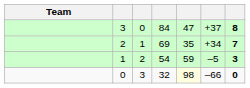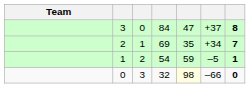 <table class="wikitable" style="text-align:center;">
 <tr>
 <th style="width:10.5em;">Team</th>
 <th style="width:1.5em;"></th>
 <th style="width:1.5em;"></th>
 <th style="width:2.0em;"></th>
 <th style="width:2.0em;"></th>
 <th style="width:2.0em;"></th>
 <th style="width:1.5em;"></th>
 </tr>
 <tr bgcolor=#cfc>
 <td align="left"></td>
 <td>3</td>
 <td>0</td>
 <td>84</td>
 <td>47</td>
 <td>+37</td>
 <td><strong>8</strong></td>
 </tr>
 <tr bgcolor=#cfc>
 <td align="left"></td>
 <td>2</td>
 <td>1</td>
 <td>69</td>
 <td>35</td>
 <td>+34</td>
 <td><strong>7</strong></td>
 </tr>
 <tr bgcolor=#cfc>
 <td align="left"></td>
 <td>1</td>
 <td>2</td>
 <td>54</td>
 <td>59</td>
 <td>–5</td>
-<td><strong>3</strong></td>
+<td><strong>1</strong></td>
 </tr>
 <tr>
 <td align="left"></td>
 <td>0</td>
 <td>3</td>
 <td>32</td>
 <td style="background: lightyellow;">98</td>
 <td>–66</td>
 <td><strong>0</strong></td>
 </tr>
 </table>
